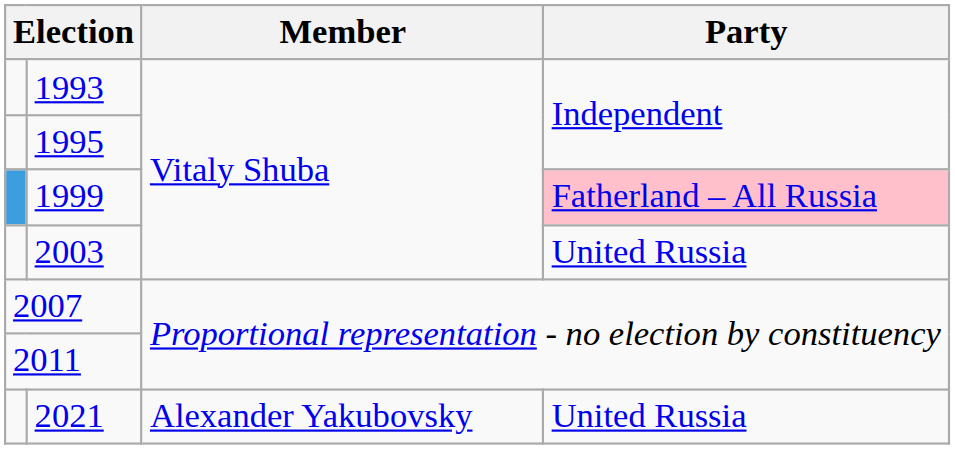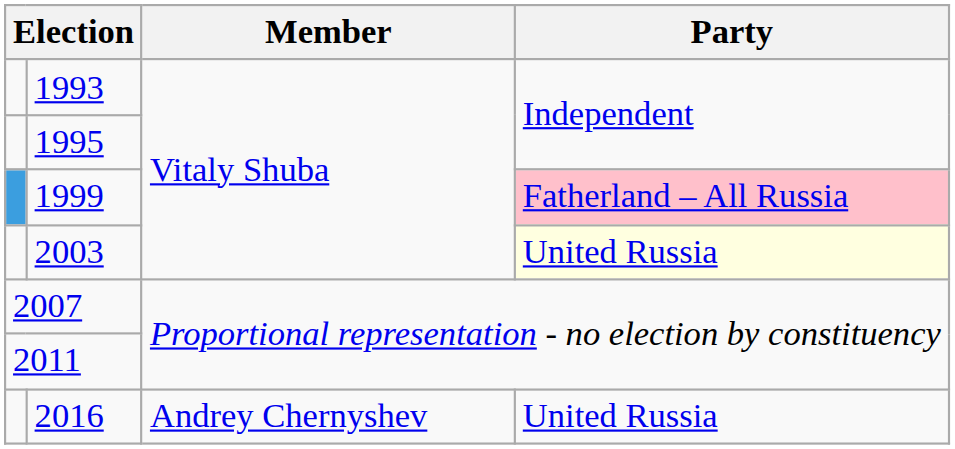 <table class="wikitable">
 <tr>
 <th colspan="2">Election</th>
 <th>Member</th>
 <th>Party</th>
 </tr>
 <tr>
 <td style="background-color:"></td>
 <td><a href='#'>1993</a></td>
 <td rowspan=4><a href='#'>Vitaly Shuba</a></td>
 <td rowspan=2><a href='#'>Independent</a></td>
 </tr>
 <tr>
 <td style="background-color:"></td>
 <td><a href='#'>1995</a></td>
 </tr>
 <tr>
 <td style="background-color:#3B9EDF"></td>
 <td><a href='#'>1999</a></td>
 <td style="background: pink;"><a href='#'>Fatherland – All Russia</a></td>
 </tr>
 <tr>
 <td style="background-color:"></td>
 <td><a href='#'>2003</a></td>
-<td><a href='#'>United Russia</a></td>
+<td style="background: lightyellow;"><a href='#'>United Russia</a></td>
 </tr>
 <tr>
 <td colspan=2><a href='#'>2007</a></td>
 <td colspan=2 rowspan=2><em><a href='#'>Proportional representation</a> - no election by constituency</em></td>
 </tr>
 <tr>
 <td colspan=2><a href='#'>2011</a></td>
 </tr>
 <tr>
 <td style="background-color:"></td>
-<td><a href='#'>2021</a></td>
-<td><a href='#'>Alexander Yakubovsky</a></td>
+<td><a href='#'>2016</a></td>
+<td><a href='#'>Andrey Chernyshev</a></td>
 <td><a href='#'>United Russia</a></td>
 </tr>
 </table>
